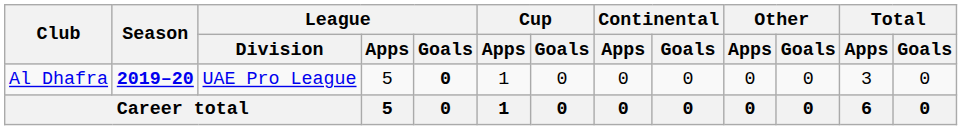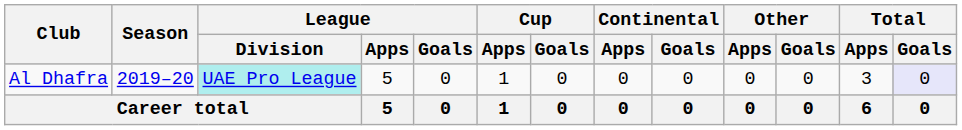 <table class="wikitable" style="text-align: center">
 <tr>
 <th rowspan="2">Club</th>
 <th rowspan="2">Season</th>
 <th colspan="3">League</th>
 <th colspan="2">Cup</th>
 <th colspan="2">Continental</th>
 <th colspan="2">Other</th>
 <th colspan="2">Total</th>
 </tr>
 <tr>
 <th>Division</th>
 <th>Apps</th>
 <th>Goals</th>
 <th>Apps</th>
 <th>Goals</th>
 <th>Apps</th>
 <th>Goals</th>
 <th>Apps</th>
 <th>Goals</th>
 <th>Apps</th>
 <th>Goals</th>
 </tr>
 <tr>
 <td><a href='#'>Al Dhafra</a></td>
-<td><strong><a href='#'>2019–20</a></strong></td>
-<td><a href='#'>UAE Pro League</a></td>
+<td><a href='#'>2019–20</a></td>
+<td style="background: paleturquoise;"><a href='#'>UAE Pro League</a></td>
 <td>5</td>
-<td><strong>0</strong></td>
+<td>0</td>
 <td>1</td>
 <td>0</td>
 <td>0</td>
 <td>0</td>
 <td>0</td>
 <td>0</td>
 <td>3</td>
-<td>0</td>
+<td style="background: lavender;">0</td>
 </tr>
 <tr>
 <th colspan="3"><strong>Career total</strong></th>
 <th>5</th>
 <th>0</th>
 <th>1</th>
 <th>0</th>
 <th>0</th>
 <th>0</th>
 <th>0</th>
 <th>0</th>
 <th>6</th>
 <th>0</th>
 </tr>
 </table>
